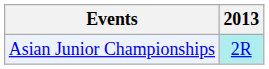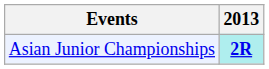 <table class="wikitable" style="font-size: 90%; text-align:center">
 <tr>
 <th>Events</th>
 <th>2013</th>
 </tr>
 <tr>
 <td bgcolor="#ECF2FF"; align="left"><a href='#'>Asian Junior Championships</a></td>
-<td bgcolor=AFEEEE><a href='#'>2R</a></td>
+<td bgcolor=AFEEEE><strong><a href='#'>2R</a></strong></td>
 </tr>
 </table>
